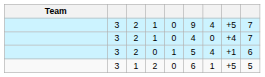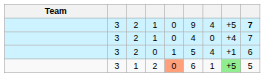 <table class="wikitable" style="text-align: center; font-size: 90%;">
 <tr>
 <th width=165>Team</th>
 <th width=25></th>
 <th width=25></th>
 <th width=25></th>
 <th width=25></th>
 <th width=25></th>
 <th width=25></th>
 <th width=25></th>
 <th width=25></th>
 </tr>
 <tr style="background:#ccf3ff;">
 <td align="left"></td>
 <td>3</td>
 <td>2</td>
 <td>1</td>
 <td>0</td>
 <td>9</td>
 <td>4</td>
 <td>+5</td>
-<td>7</td>
+<td><strong>7</strong></td>
 </tr>
 <tr style="background:#ccf3ff;">
 <td align="left"></td>
 <td>3</td>
 <td>2</td>
 <td>1</td>
 <td>0</td>
 <td>4</td>
 <td>0</td>
 <td>+4</td>
 <td>7</td>
 </tr>
 <tr style="background:#ccf3ff;">
 <td align="left"></td>
 <td>3</td>
 <td>2</td>
 <td>0</td>
 <td>1</td>
 <td>5</td>
 <td>4</td>
 <td>+1</td>
 <td>6</td>
 </tr>
 <tr>
 <td align="left"></td>
 <td>3</td>
 <td>1</td>
 <td>2</td>
-<td>0</td>
+<td style="background: lightsalmon;">0</td>
 <td>6</td>
 <td>1</td>
-<td>+5</td>
+<td style="background: lightgreen;">+5</td>
 <td>5</td>
 </tr>
 </table>
